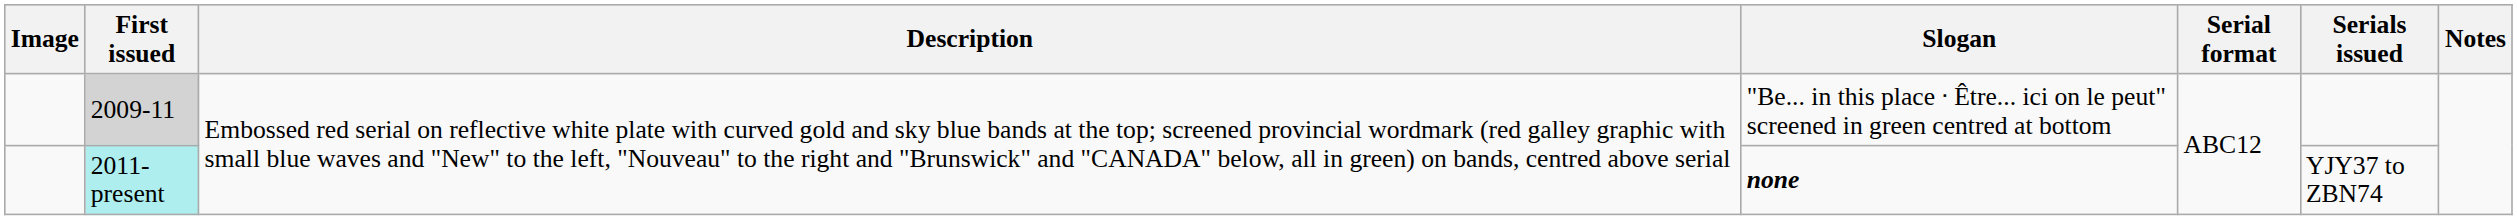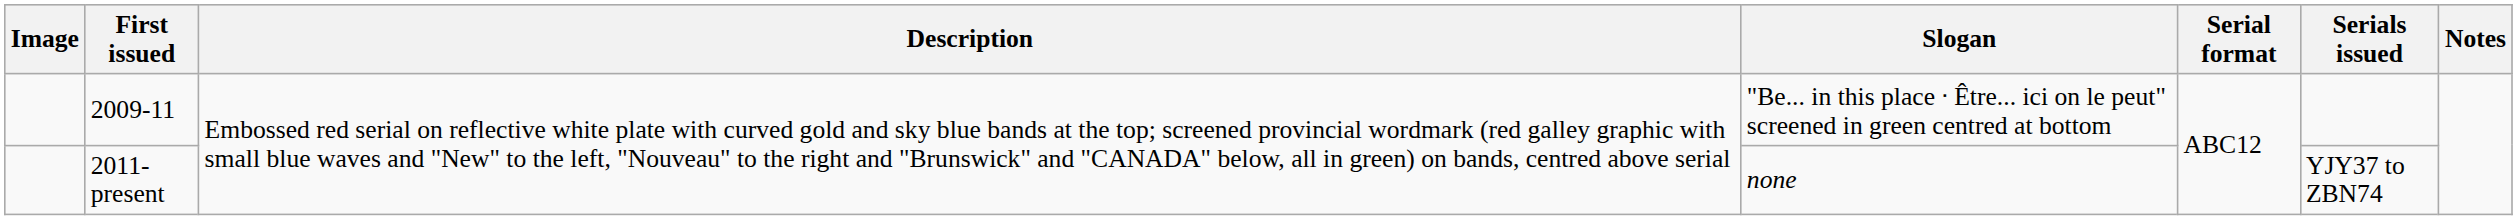 <table class="wikitable">
 <tr>
 <th>Image</th>
 <th>First issued</th>
 <th>Description</th>
 <th>Slogan</th>
 <th>Serial format</th>
 <th>Serials issued</th>
 <th>Notes</th>
 </tr>
 <tr>
 <td></td>
-<td style="background: lightgrey;">2009-11</td>
+<td>2009-11</td>
 <td rowspan="2">Embossed red serial on reflective white plate with curved gold and sky blue bands at the top; screened provincial wordmark (red galley graphic with small blue waves and "New" to the left, "Nouveau" to the right and "Brunswick" and "CANADA" below, all in green) on bands, centred above serial</td>
 <td>"Be... in this place  ᐧ  Être... ici on le peut" screened in green centred at bottom</td>
 <td rowspan="2">ABC12</td>
 <td></td>
 <td rowspan="2"></td>
 </tr>
 <tr>
 <td></td>
-<td style="background: paleturquoise;">2011-present</td>
-<td><strong><em>none</em></strong></td>
+<td>2011-present</td>
+<td><em>none</em></td>
 <td>YJY37 to ZBN74 </td>
 </tr>
 </table>
